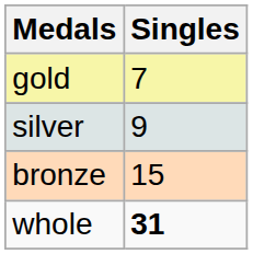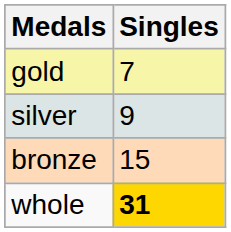 <table class="wikitable">
 <tr>
 <th>Medals</th>
 <th>Singles</th>
 </tr>
 <tr bgcolor="#F7F6A8">
 <td>gold</td>
 <td>7</td>
 </tr>
 <tr bgcolor="#DCE5E5">
 <td>silver</td>
 <td>9</td>
 </tr>
 <tr bgcolor="#FFDAB9">
 <td>bronze</td>
 <td>15</td>
 </tr>
 <tr>
 <td>whole</td>
-<td><strong>31</strong></td>
+<td style="background: gold;"><strong>31</strong></td>
 </tr>
 </table>
